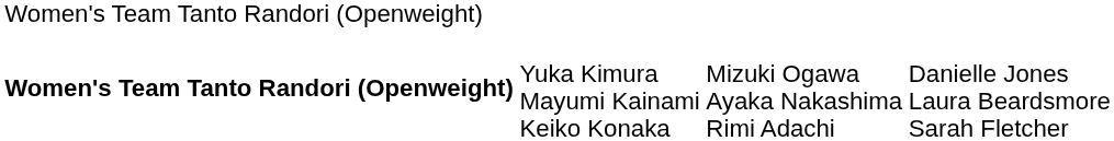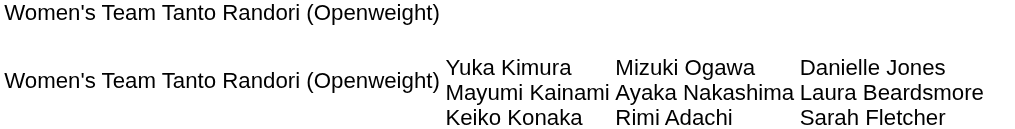 <table>
 <tr>
 <td>Women's Team Tanto Randori (Openweight)</td>
 <td></td>
 <td></td>
 <td></td>
 </tr>
 <tr>
-<td><strong>Women's Team Tanto Randori (Openweight)</strong></td>
+<td>Women's Team Tanto Randori (Openweight)</td>
 <td><br>Yuka Kimura<br>Mayumi Kainami<br>Keiko Konaka</td>
 <td><br>Mizuki Ogawa<br>Ayaka Nakashima<br>Rimi Adachi</td>
 <td><br>Danielle Jones<br>Laura Beardsmore<br>Sarah Fletcher</td>
 </tr>
 </table>
